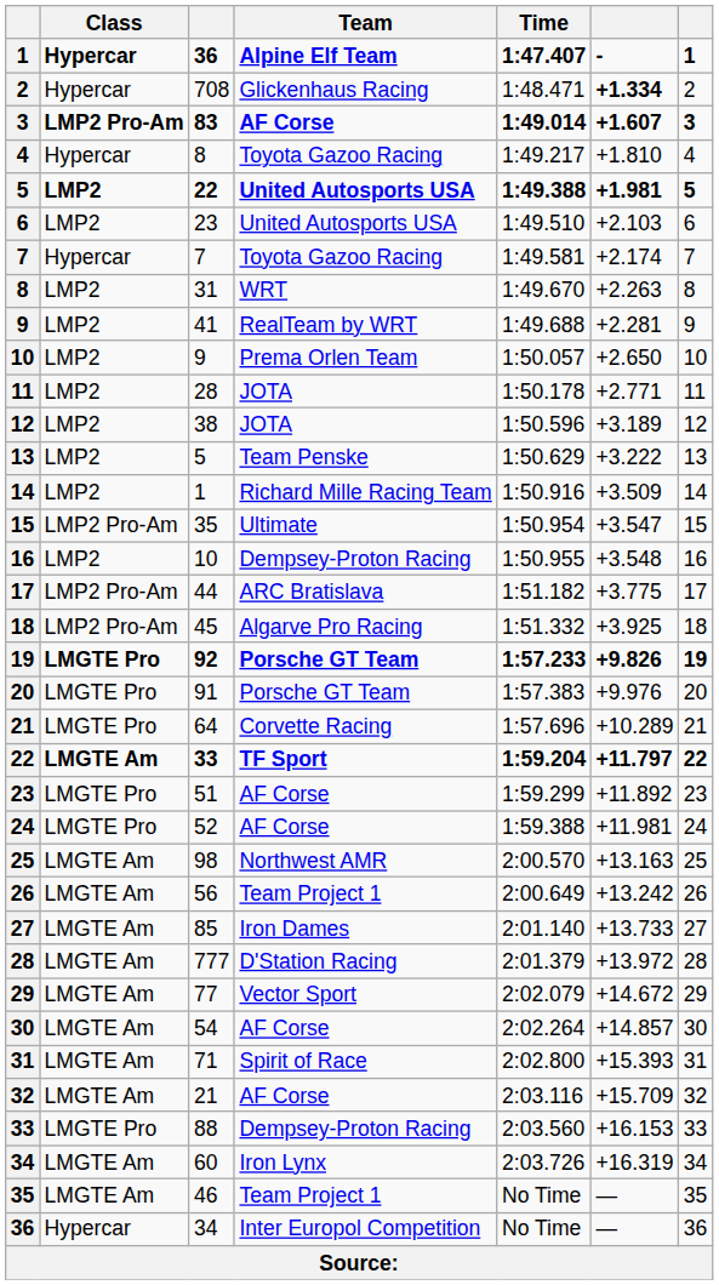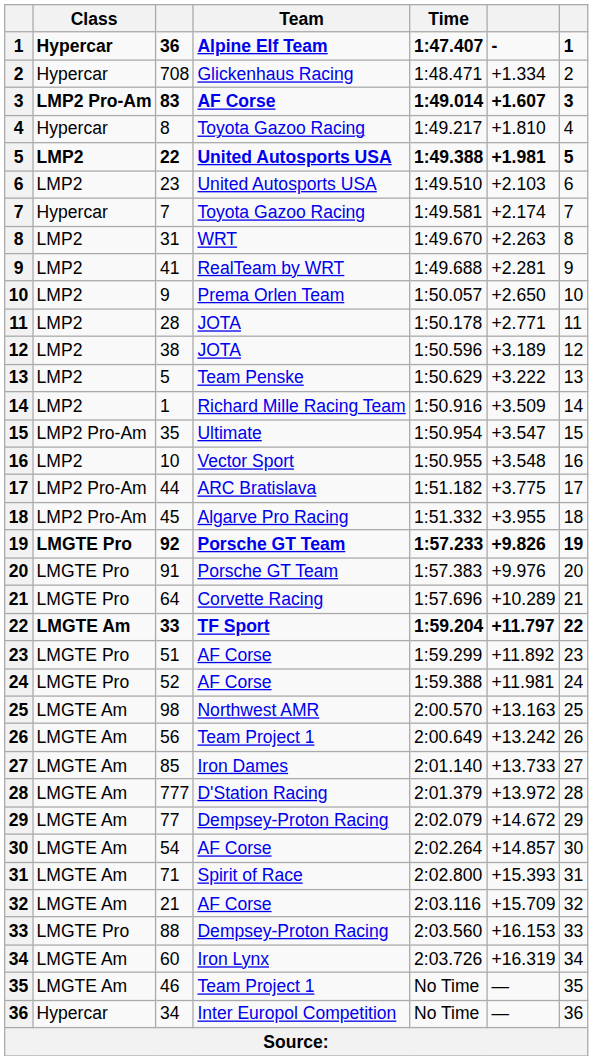 <table class="wikitable" style="font-size:85%;">
 <tr>
 <th></th>
 <th>Class</th>
 <th></th>
 <th>Team</th>
 <th>Time</th>
 <th></th>
 <th></th>
 </tr>
 <tr style="font-weight:bold">
 <th>1</th>
 <td>Hypercar</td>
 <td>36</td>
 <td> <a href='#'>Alpine Elf Team</a></td>
 <td>1:47.407</td>
 <td>-</td>
 <td>1</td>
 </tr>
 <tr>
 <th>2</th>
 <td>Hypercar</td>
 <td>708</td>
 <td> <a href='#'>Glickenhaus Racing</a></td>
 <td>1:48.471</td>
-<td><strong>+1.334</strong></td>
+<td>+1.334</td>
 <td>2</td>
 </tr>
 <tr style="font-weight:bold">
 <th>3</th>
 <td>LMP2 Pro-Am</td>
 <td>83</td>
 <td> <a href='#'>AF Corse</a></td>
 <td>1:49.014</td>
 <td>+1.607</td>
 <td>3</td>
 </tr>
 <tr>
 <th>4</th>
 <td>Hypercar</td>
 <td>8</td>
 <td> <a href='#'>Toyota Gazoo Racing</a></td>
 <td>1:49.217</td>
 <td>+1.810</td>
 <td>4</td>
 </tr>
 <tr style="font-weight:bold">
 <th>5</th>
 <td>LMP2</td>
 <td>22</td>
 <td> <a href='#'>United Autosports USA</a></td>
 <td>1:49.388</td>
 <td>+1.981</td>
 <td>5</td>
 </tr>
 <tr>
 <th>6</th>
 <td>LMP2</td>
 <td>23</td>
 <td> <a href='#'>United Autosports USA</a></td>
 <td>1:49.510</td>
 <td>+2.103</td>
 <td>6</td>
 </tr>
 <tr>
 <th>7</th>
 <td>Hypercar</td>
 <td>7</td>
 <td> <a href='#'>Toyota Gazoo Racing</a></td>
 <td>1:49.581</td>
 <td>+2.174</td>
 <td>7</td>
 </tr>
 <tr>
 <th>8</th>
 <td>LMP2</td>
 <td>31</td>
 <td> <a href='#'>WRT</a></td>
 <td>1:49.670</td>
 <td>+2.263</td>
 <td>8</td>
 </tr>
 <tr>
 <th>9</th>
 <td>LMP2</td>
 <td>41</td>
 <td> <a href='#'>RealTeam by WRT</a></td>
 <td>1:49.688</td>
 <td>+2.281</td>
 <td>9</td>
 </tr>
 <tr>
 <th>10</th>
 <td>LMP2</td>
 <td>9</td>
 <td> <a href='#'>Prema Orlen Team</a></td>
 <td>1:50.057</td>
 <td>+2.650</td>
 <td>10</td>
 </tr>
 <tr>
 <th>11</th>
 <td>LMP2</td>
 <td>28</td>
 <td> <a href='#'>JOTA</a></td>
 <td>1:50.178</td>
 <td>+2.771</td>
 <td>11</td>
 </tr>
 <tr>
 <th>12</th>
 <td>LMP2</td>
 <td>38</td>
 <td> <a href='#'>JOTA</a></td>
 <td>1:50.596</td>
 <td>+3.189</td>
 <td>12</td>
 </tr>
 <tr>
 <th>13</th>
 <td>LMP2</td>
 <td>5</td>
 <td> <a href='#'>Team Penske</a></td>
 <td>1:50.629</td>
 <td>+3.222</td>
 <td>13</td>
 </tr>
 <tr>
 <th>14</th>
 <td>LMP2</td>
 <td>1</td>
 <td> <a href='#'>Richard Mille Racing Team</a></td>
 <td>1:50.916</td>
 <td>+3.509</td>
 <td>14</td>
 </tr>
 <tr>
 <th>15</th>
 <td>LMP2 Pro-Am</td>
 <td>35</td>
 <td> <a href='#'>Ultimate</a></td>
 <td>1:50.954</td>
 <td>+3.547</td>
 <td>15</td>
 </tr>
 <tr>
 <th>16</th>
 <td>LMP2</td>
 <td>10</td>
-<td> <a href='#'>Dempsey-Proton Racing</a></td>
+<td> <a href='#'>Vector Sport</a></td>
 <td>1:50.955</td>
 <td>+3.548</td>
 <td>16</td>
 </tr>
 <tr>
 <th>17</th>
 <td>LMP2 Pro-Am</td>
 <td>44</td>
 <td> <a href='#'>ARC Bratislava</a></td>
 <td>1:51.182</td>
 <td>+3.775</td>
 <td>17</td>
 </tr>
 <tr>
 <th>18</th>
 <td>LMP2 Pro-Am</td>
 <td>45</td>
 <td> <a href='#'>Algarve Pro Racing</a></td>
 <td>1:51.332</td>
-<td>+3.925</td>
+<td>+3.955</td>
 <td>18</td>
 </tr>
 <tr style="font-weight:bold">
 <th>19</th>
 <td>LMGTE Pro</td>
 <td>92</td>
 <td> <a href='#'>Porsche GT Team</a></td>
 <td>1:57.233</td>
 <td>+9.826</td>
 <td>19</td>
 </tr>
 <tr>
 <th>20</th>
 <td>LMGTE Pro</td>
 <td>91</td>
 <td> <a href='#'>Porsche GT Team</a></td>
 <td>1:57.383</td>
 <td>+9.976</td>
 <td>20</td>
 </tr>
 <tr>
 <th>21</th>
 <td>LMGTE Pro</td>
 <td>64</td>
 <td> <a href='#'>Corvette Racing</a></td>
 <td>1:57.696</td>
 <td>+10.289</td>
 <td>21</td>
 </tr>
 <tr style="font-weight:bold">
 <th>22</th>
 <td>LMGTE Am</td>
 <td>33</td>
 <td> <a href='#'>TF Sport</a></td>
 <td>1:59.204</td>
 <td>+11.797</td>
 <td>22</td>
 </tr>
 <tr>
 <th>23</th>
 <td>LMGTE Pro</td>
 <td>51</td>
 <td> <a href='#'>AF Corse</a></td>
 <td>1:59.299</td>
 <td>+11.892</td>
 <td>23</td>
 </tr>
 <tr>
 <th>24</th>
 <td>LMGTE Pro</td>
 <td>52</td>
 <td> <a href='#'>AF Corse</a></td>
 <td>1:59.388</td>
 <td>+11.981</td>
 <td>24</td>
 </tr>
 <tr>
 <th>25</th>
 <td>LMGTE Am</td>
 <td>98</td>
 <td> <a href='#'>Northwest AMR</a></td>
 <td>2:00.570</td>
 <td>+13.163</td>
 <td>25</td>
 </tr>
 <tr>
 <th>26</th>
 <td>LMGTE Am</td>
 <td>56</td>
 <td> <a href='#'>Team Project 1</a></td>
 <td>2:00.649</td>
 <td>+13.242</td>
 <td>26</td>
 </tr>
 <tr>
 <th>27</th>
 <td>LMGTE Am</td>
 <td>85</td>
 <td> <a href='#'>Iron Dames</a></td>
 <td>2:01.140</td>
 <td>+13.733</td>
 <td>27</td>
 </tr>
 <tr>
 <th>28</th>
 <td>LMGTE Am</td>
 <td>777</td>
 <td> <a href='#'>D'Station Racing</a></td>
 <td>2:01.379</td>
 <td>+13.972</td>
 <td>28</td>
 </tr>
 <tr>
 <th>29</th>
 <td>LMGTE Am</td>
 <td>77</td>
-<td> <a href='#'>Vector Sport</a></td>
+<td> <a href='#'>Dempsey-Proton Racing</a></td>
 <td>2:02.079</td>
 <td>+14.672</td>
 <td>29</td>
 </tr>
 <tr>
 <th>30</th>
 <td>LMGTE Am</td>
 <td>54</td>
 <td> <a href='#'>AF Corse</a></td>
 <td>2:02.264</td>
 <td>+14.857</td>
 <td>30</td>
 </tr>
 <tr>
 <th>31</th>
 <td>LMGTE Am</td>
 <td>71</td>
 <td> <a href='#'>Spirit of Race</a></td>
 <td>2:02.800</td>
 <td>+15.393</td>
 <td>31</td>
 </tr>
 <tr>
 <th>32</th>
 <td>LMGTE Am</td>
 <td>21</td>
 <td> <a href='#'>AF Corse</a></td>
 <td>2:03.116</td>
 <td>+15.709</td>
 <td>32</td>
 </tr>
 <tr>
 <th>33</th>
 <td>LMGTE Pro</td>
 <td>88</td>
 <td> <a href='#'>Dempsey-Proton Racing</a></td>
 <td>2:03.560</td>
 <td>+16.153</td>
 <td>33</td>
 </tr>
 <tr>
 <th>34</th>
 <td>LMGTE Am</td>
 <td>60</td>
 <td> <a href='#'>Iron Lynx</a></td>
 <td>2:03.726</td>
 <td>+16.319</td>
 <td>34</td>
 </tr>
 <tr>
 <th>35</th>
 <td>LMGTE Am</td>
 <td>46</td>
 <td> <a href='#'>Team Project 1</a></td>
 <td>No Time</td>
 <td>—</td>
 <td>35</td>
 </tr>
 <tr>
 <th>36</th>
 <td>Hypercar</td>
 <td>34</td>
 <td> <a href='#'>Inter Europol Competition</a></td>
 <td>No Time</td>
 <td>—</td>
 <td>36</td>
 </tr>
 <tr>
 <th colspan="7">Source:</th>
 </tr>
 </table>
